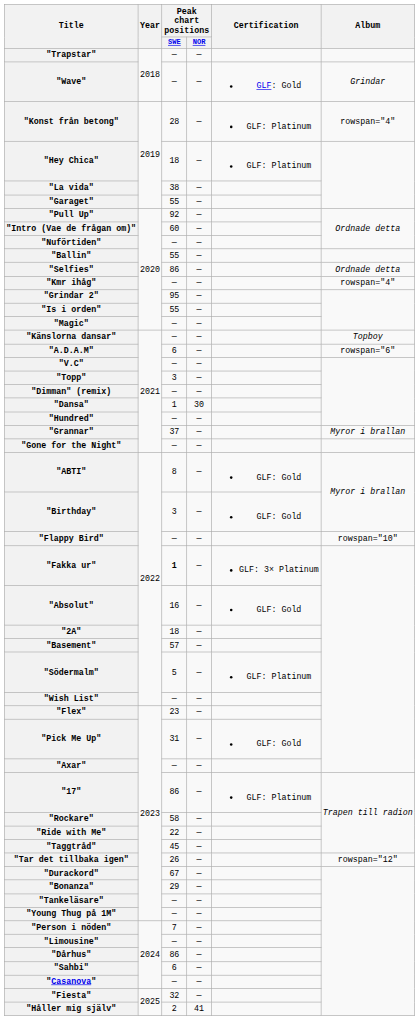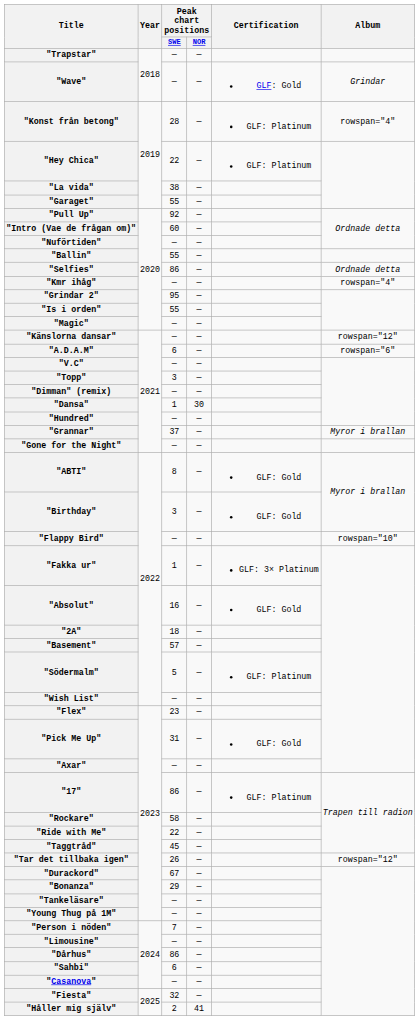 <table class="wikitable plainrowheaders" style="text-align:center;">
 <tr>
 <th scope="col" rowspan="2">Title</th>
 <th scope="col" rowspan="2">Year</th>
 <th scope="col" colspan="2">Peak chart positions</th>
 <th scope="col" rowspan="2">Certification</th>
 <th scope="col" rowspan="2">Album</th>
 </tr>
 <tr>
 <th scope="col" style="width:3em;font-size:85%;"><a href='#'>SWE</a><br></th>
 <th scope="col" style="width:3em;font-size:85%;"><a href='#'>NOR</a><br></th>
 </tr>
 <tr>
 <th scope="row">"Trapstar"</th>
 <td rowspan="2">2018</td>
 <td>—</td>
 <td>—</td>
 <td></td>
 <td></td>
 </tr>
 <tr>
 <th scope="row">"Wave"<br></th>
 <td>—</td>
 <td>—</td>
 <td><br><ul><li><a href='#'>GLF</a>: Gold</li></ul></td>
 <td><em>Grindar</em></td>
 </tr>
 <tr>
 <th scope="row">"Konst från betong"</th>
 <td rowspan="4">2019</td>
 <td>28</td>
 <td>—</td>
 <td><br><ul><li>GLF: Platinum</li></ul></td>
 <td>rowspan="4"</td>
 </tr>
 <tr>
 <th scope="row">"Hey Chica"<br></th>
-<td>18</td>
+<td>22<br></td>
 <td>—</td>
 <td><br><ul><li>GLF: Platinum</li></ul></td>
 </tr>
 <tr>
 <th scope="row">"La vida"</th>
 <td>38</td>
 <td>—</td>
 <td></td>
 </tr>
 <tr>
 <th scope="row">"Garaget"<br></th>
 <td>55</td>
 <td>—</td>
 <td></td>
 </tr>
 <tr>
 <th scope="row">"Pull Up"</th>
 <td rowspan="9">2020</td>
 <td>92</td>
 <td>—</td>
 <td></td>
 <td rowspan="3"><em>Ordnade detta</em></td>
 </tr>
 <tr>
 <th scope="row">"Intro (Vae de frågan om)"</th>
 <td>60</td>
 <td>—</td>
 <td></td>
 </tr>
 <tr>
 <th scope="row">"Nuförtiden"<br></th>
 <td>—</td>
 <td>—</td>
 <td></td>
 </tr>
 <tr>
 <th scope="row">"Ballin"<br></th>
 <td>55</td>
 <td>—</td>
 <td></td>
 <td></td>
 </tr>
 <tr>
 <th scope="row">"Selfies"<br></th>
 <td>86</td>
 <td>—</td>
 <td></td>
 <td><em>Ordnade detta</em></td>
 </tr>
 <tr>
 <th scope="row">"Kmr ihåg"</th>
 <td>—</td>
 <td>—</td>
 <td></td>
 <td>rowspan="4"</td>
 </tr>
 <tr>
 <th scope="row">"Grindar 2"<br></th>
 <td>95</td>
 <td>—</td>
 <td></td>
 </tr>
 <tr>
 <th scope="row">"Is i orden"<br></th>
 <td>55</td>
 <td>—</td>
 <td></td>
 </tr>
 <tr>
 <th scope="row">"Magic"<br></th>
 <td>—</td>
 <td>—</td>
 <td></td>
 </tr>
 <tr>
 <th scope="row">"Känslorna dansar"</th>
 <td rowspan="9">2021</td>
 <td>—</td>
 <td>—</td>
 <td></td>
-<td><em>Topboy</em></td>
+<td>rowspan="12" </td>
 </tr>
 <tr>
 <th scope="row">"A.D.A.M"</th>
 <td>6</td>
 <td>—</td>
 <td></td>
 <td>rowspan="6" </td>
 </tr>
 <tr>
 <th scope="row">"V.C"<br></th>
 <td>—</td>
 <td>—</td>
 <td></td>
 </tr>
 <tr>
 <th scope="row">"Topp"<br></th>
 <td>3</td>
 <td>—</td>
 <td></td>
 </tr>
 <tr>
 <th scope="row">"Dimman" (remix)<br></th>
 <td>—</td>
 <td>—</td>
 <td></td>
 </tr>
 <tr>
 <th scope="row">"Dansa"<br></th>
 <td>1</td>
 <td>30</td>
 <td></td>
 </tr>
 <tr>
 <th scope="row">"Hundred"<br></th>
 <td>—</td>
 <td>—</td>
 <td></td>
 </tr>
 <tr>
 <th scope="row">"Grannar"<br></th>
 <td>37</td>
 <td>—</td>
 <td></td>
 <td><em>Myror i brallan</em></td>
 </tr>
 <tr>
 <th scope="row">"Gone for the Night"<br></th>
 <td>—</td>
 <td>—</td>
 <td></td>
 <td></td>
 </tr>
 <tr>
 <th scope="row">"ABTI"<br></th>
 <td rowspan="9">2022</td>
 <td>8</td>
 <td>—</td>
 <td><br><ul><li>GLF: Gold</li></ul></td>
 <td rowspan="2"><em>Myror i brallan</em></td>
 </tr>
 <tr>
 <th scope="row">"Birthday"<br></th>
 <td>3<br></td>
 <td>—</td>
 <td><br><ul><li>GLF: Gold</li></ul></td>
 </tr>
 <tr>
 <th scope="row">"Flappy Bird"<br></th>
 <td>—</td>
 <td>—</td>
 <td></td>
 <td>rowspan="10" </td>
 </tr>
 <tr>
 <th scope="row">"Fakka ur"<br></th>
-<td><strong>1<br></strong></td>
+<td>1<br></td>
 <td>—</td>
 <td><br><ul><li>GLF: 3× Platinum</li></ul></td>
 </tr>
 <tr>
 <th scope="row">"Absolut"<br></th>
 <td>16<br></td>
 <td>—</td>
 <td><br><ul><li>GLF: Gold</li></ul></td>
 </tr>
 <tr>
 <th scope="row">"2A"<br></th>
 <td>18<br></td>
 <td>—</td>
 <td></td>
 </tr>
 <tr>
 <th scope="row">"Basement"<br></th>
 <td>57<br></td>
 <td>—</td>
 <td></td>
 </tr>
 <tr>
 <th scope="row">"Södermalm"<br></th>
 <td>5<br></td>
 <td>—</td>
 <td><br><ul><li>GLF: Platinum</li></ul></td>
 </tr>
 <tr>
 <th scope="row">"Wish List"</th>
 <td>—</td>
 <td>—</td>
 <td></td>
 </tr>
 <tr>
 <th scope="row">"Flex"<br></th>
 <td rowspan="12">2023</td>
 <td>23<br></td>
 <td>—</td>
 <td></td>
 </tr>
 <tr>
 <th scope="row">"Pick Me Up"<br></th>
 <td>31<br></td>
 <td>—</td>
 <td><br><ul><li>GLF: Gold</li></ul></td>
 </tr>
 <tr>
 <th scope="row">"Axar"<br></th>
 <td>—</td>
 <td>—</td>
 <td></td>
 </tr>
 <tr>
 <th scope="row">"17"<br></th>
 <td>86<br></td>
 <td>—</td>
 <td><br><ul><li>GLF: Platinum</li></ul></td>
 <td rowspan="4"><em>Trapen till radion</em></td>
 </tr>
 <tr>
 <th scope="row">"Rockare"<br></th>
 <td>58<br></td>
 <td>—</td>
 <td></td>
 </tr>
 <tr>
 <th scope="row">"Ride with Me"<br></th>
 <td>22<br></td>
 <td>—</td>
 <td></td>
 </tr>
 <tr>
 <th scope="row">"Taggtråd"<br></th>
 <td>45<br></td>
 <td>—</td>
 <td></td>
 </tr>
 <tr>
 <th scope="row">"Tar det tillbaka igen"<br></th>
 <td>26<br></td>
 <td>—</td>
 <td></td>
 <td>rowspan="12" </td>
 </tr>
 <tr>
 <th scope="row">"Durackord"<br></th>
 <td>67<br></td>
 <td>—</td>
 <td></td>
 </tr>
 <tr>
 <th scope="row">"Bonanza"<br></th>
 <td>29<br></td>
 <td>—</td>
 <td></td>
 </tr>
 <tr>
 <th scope="row">"Tankeläsare"<br></th>
 <td>—</td>
 <td>—</td>
 <td></td>
 </tr>
 <tr>
 <th scope="row">"Young Thug på 1M"<br></th>
 <td>—</td>
 <td>—</td>
 <td></td>
 </tr>
 <tr>
 <th scope="row">"Person i nöden"</th>
 <td rowspan="5">2024</td>
 <td>7<br></td>
 <td>—</td>
 <td></td>
 </tr>
 <tr>
 <th scope="row">"Limousine"<br></th>
 <td>—</td>
 <td>—</td>
 <td></td>
 </tr>
 <tr>
 <th scope="row">"Dårhus"</th>
 <td>86<br></td>
 <td>—</td>
 <td></td>
 </tr>
 <tr>
 <th scope="row">"Sahbi"<br></th>
 <td>6<br></td>
 <td>—</td>
 <td></td>
 </tr>
 <tr>
 <th scope="row">"<a href='#'>Casanova</a>"<br></th>
 <td>—</td>
 <td>—</td>
 <td></td>
 </tr>
 <tr>
 <th scope="row">"Fiesta"</th>
 <td rowspan="2">2025</td>
 <td>32<br></td>
 <td>—</td>
 <td></td>
 </tr>
 <tr>
 <th scope="row">"Håller mig själv" </th>
 <td>2<br></td>
 <td>41<br></td>
 <td></td>
 </tr>
 </table>
